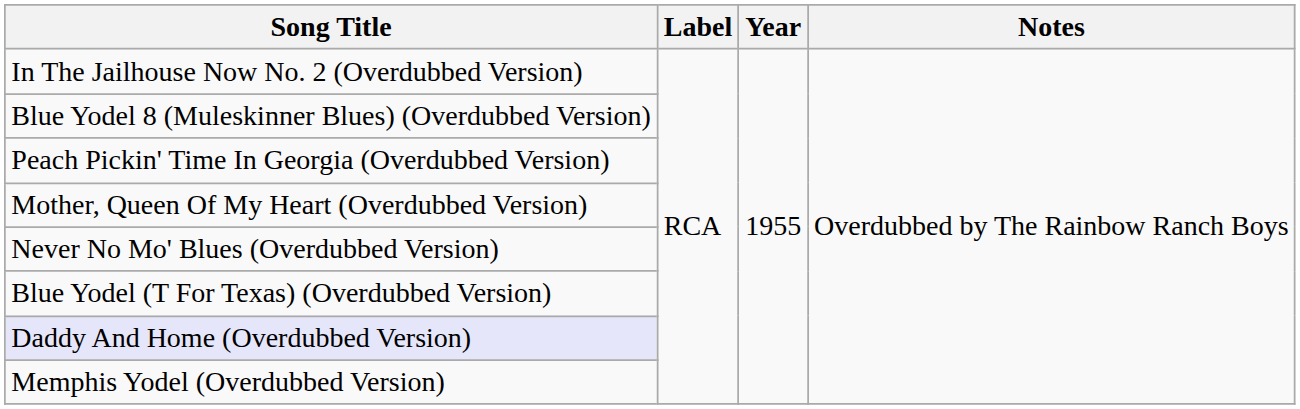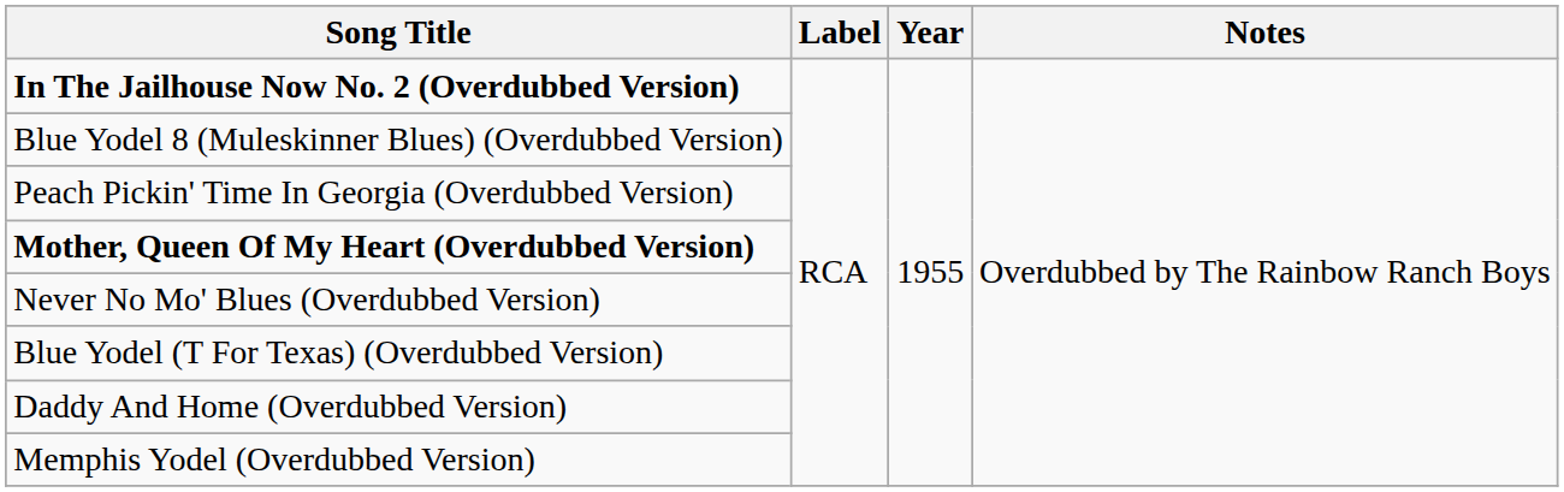 <table class="wikitable sticky-header">
 <tr>
 <th>Song Title</th>
 <th>Label</th>
 <th>Year</th>
 <th>Notes</th>
 </tr>
 <tr>
-<td>In The Jailhouse Now No. 2 (Overdubbed Version)</td>
+<td><strong>In The Jailhouse Now No. 2 (Overdubbed Version)</strong></td>
 <td rowspan="8">RCA</td>
 <td rowspan="8">1955</td>
 <td rowspan="8">Overdubbed by The Rainbow Ranch Boys</td>
 </tr>
 <tr>
 <td>Blue Yodel 8 (Muleskinner Blues) (Overdubbed Version)</td>
 </tr>
 <tr>
 <td>Peach Pickin' Time In Georgia (Overdubbed Version)</td>
 </tr>
 <tr>
-<td>Mother, Queen Of My Heart (Overdubbed Version)</td>
+<td><strong>Mother, Queen Of My Heart (Overdubbed Version)</strong></td>
 </tr>
 <tr>
 <td>Never No Mo' Blues (Overdubbed Version)</td>
 </tr>
 <tr>
 <td>Blue Yodel (T For Texas) (Overdubbed Version)</td>
 </tr>
 <tr>
-<td style="background: lavender;">Daddy And Home (Overdubbed Version)</td>
+<td>Daddy And Home (Overdubbed Version)</td>
 </tr>
 <tr>
 <td>Memphis Yodel (Overdubbed Version)</td>
 </tr>
 </table>
